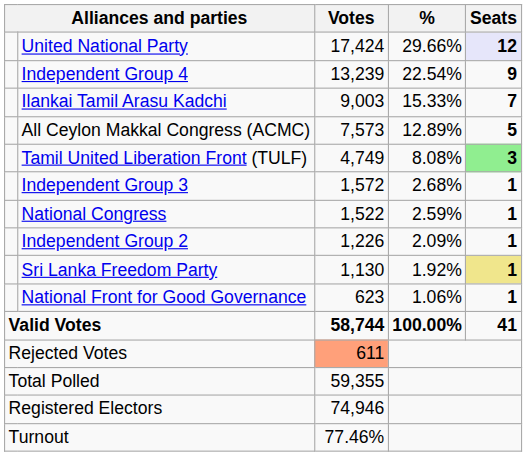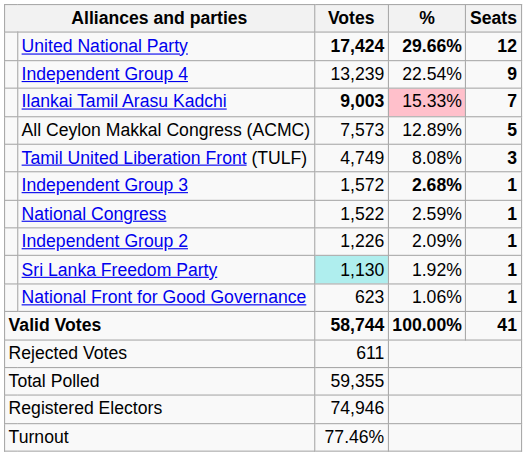 <table class="wikitable" border="1" style="text-align:right;">
 <tr>
 <th valign=bottom align=left colspan=2>Alliances and parties</th>
 <th valign=bottom align=center width="60">Votes</th>
 <th valign=bottom align=center width="50">%</th>
 <th valign=bottom align=center>Seats</th>
 </tr>
 <tr>
 <td bgcolor=> </td>
 <td align=left><a href='#'>United National Party</a></td>
-<td>17,424</td>
-<td>29.66%</td>
-<td style="background: lavender;"><strong>12</strong></td>
+<td><strong>17,424</strong></td>
+<td><strong>29.66%</strong></td>
+<td><strong>12</strong></td>
 </tr>
 <tr>
 <td bgcolor=> </td>
 <td align=left><a href='#'>Independent Group 4</a></td>
 <td>13,239</td>
 <td>22.54%</td>
 <td><strong>9</strong></td>
 </tr>
 <tr>
 <td bgcolor=> </td>
 <td align=left><a href='#'>Ilankai Tamil Arasu Kadchi</a></td>
-<td>9,003</td>
-<td>15.33%</td>
+<td><strong>9,003</strong></td>
+<td style="background: pink;">15.33%</td>
 <td><strong>7</strong></td>
 </tr>
 <tr>
 <td></td>
 <td align=left>All Ceylon Makkal Congress (ACMC)</td>
 <td>7,573</td>
 <td>12.89%</td>
 <td><strong>5</strong></td>
 </tr>
 <tr>
 <td></td>
 <td align=left><a href='#'>Tamil United Liberation Front</a> (TULF)</td>
 <td>4,749</td>
 <td>8.08%</td>
-<td style="background: lightgreen;"><strong>3</strong></td>
+<td><strong>3</strong></td>
 </tr>
 <tr>
 <td></td>
 <td align=left><a href='#'>Independent Group 3</a></td>
 <td>1,572</td>
-<td>2.68%</td>
+<td><strong>2.68%</strong></td>
 <td><strong>1</strong></td>
 </tr>
 <tr>
 <td></td>
 <td align=left><a href='#'>National Congress</a></td>
 <td>1,522</td>
 <td>2.59%</td>
 <td><strong>1</strong></td>
 </tr>
 <tr>
 <td></td>
 <td align=left><a href='#'>Independent Group 2</a></td>
 <td>1,226</td>
 <td>2.09%</td>
 <td><strong>1</strong></td>
 </tr>
 <tr>
 <td></td>
 <td align=left><a href='#'>Sri Lanka Freedom Party</a></td>
-<td>1,130</td>
+<td style="background: paleturquoise;">1,130</td>
 <td>1.92%</td>
-<td style="background: khaki;"><strong>1</strong></td>
+<td><strong>1</strong></td>
 </tr>
 <tr>
 <td></td>
 <td align=left><a href='#'>National Front for Good Governance</a></td>
 <td>623</td>
 <td>1.06%</td>
 <td><strong>1</strong></td>
 </tr>
 <tr>
 <td colspan=2 align=left><strong>Valid Votes</strong></td>
 <td><strong>58,744</strong></td>
 <td><strong>100.00%</strong></td>
 <td><strong>41</strong></td>
 </tr>
 <tr>
 <td colspan=2 align=left>Rejected Votes</td>
-<td style="background: lightsalmon;">611</td>
+<td>611</td>
 <td colspan=2></td>
 </tr>
 <tr>
 <td colspan=2 align=left>Total Polled</td>
 <td>59,355</td>
 <td colspan=2></td>
 </tr>
 <tr>
 <td colspan=2 align=left>Registered Electors</td>
 <td>74,946</td>
 <td colspan=2></td>
 </tr>
 <tr>
 <td colspan=2 align=left>Turnout</td>
 <td>77.46%</td>
 <td colspan=2></td>
 </tr>
 </table>
